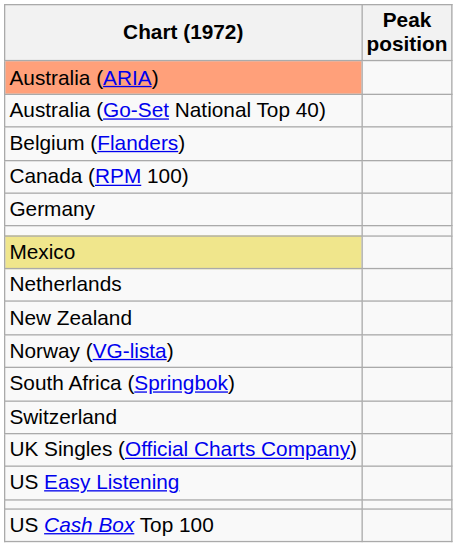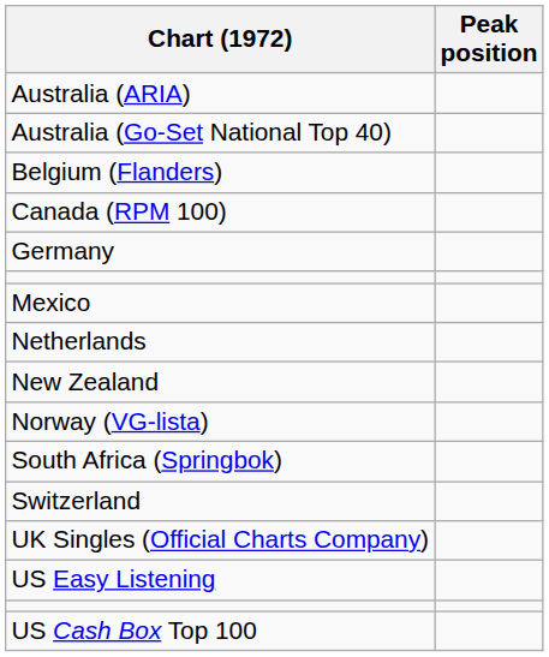 <table class="wikitable sortable">
 <tr>
 <th>Chart (1972)</th>
 <th>Peak<br>position</th>
 </tr>
 <tr>
-<td style="background: lightsalmon;">Australia (<a href='#'>ARIA</a>)</td>
+<td>Australia (<a href='#'>ARIA</a>)</td>
 <td></td>
 </tr>
 <tr>
 <td>Australia (<a href='#'>Go-Set</a> National Top 40)</td>
 <td></td>
 </tr>
 <tr>
 <td>Belgium (<a href='#'>Flanders</a>)</td>
 <td></td>
 </tr>
 <tr>
 <td>Canada (<a href='#'>RPM</a> 100)</td>
 <td></td>
 </tr>
 <tr>
 <td>Germany</td>
 <td></td>
 </tr>
 <tr>
 <td></td>
 </tr>
 <tr>
-<td style="background: khaki;">Mexico</td>
+<td>Mexico</td>
 <td></td>
 </tr>
 <tr>
 <td>Netherlands</td>
 <td></td>
 </tr>
 <tr>
 <td>New Zealand</td>
 <td></td>
 </tr>
 <tr>
 <td>Norway (<a href='#'>VG-lista</a>)</td>
 <td></td>
 </tr>
 <tr>
 <td>South Africa (<a href='#'>Springbok</a>)</td>
 <td></td>
 </tr>
 <tr>
 <td>Switzerland</td>
 <td></td>
 </tr>
 <tr>
 <td>UK Singles (<a href='#'>Official Charts Company</a>)</td>
 <td></td>
 </tr>
 <tr>
 <td>US <a href='#'>Easy Listening</a></td>
 <td></td>
 </tr>
 <tr>
 <td></td>
 </tr>
 <tr>
 <td>US <a href='#'><em>Cash Box</em></a> Top 100</td>
 <td></td>
 </tr>
 </table>
